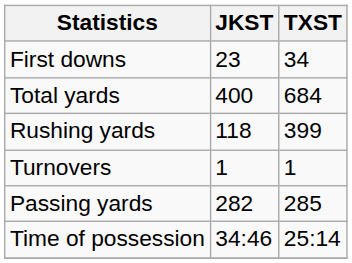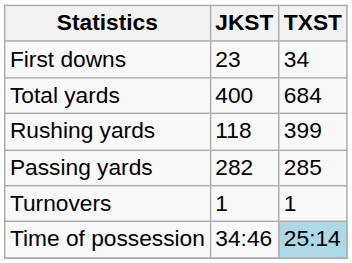 <table class="wikitable" style="float: left;">
 <tr>
 <th>Statistics</th>
 <th>JKST</th>
 <th>TXST</th>
 </tr>
 <tr>
 <td>First downs</td>
 <td>23</td>
 <td>34</td>
 </tr>
 <tr>
 <td>Total yards</td>
 <td>400</td>
 <td>684</td>
 </tr>
 <tr>
 <td>Rushing yards</td>
 <td>118</td>
 <td>399</td>
 </tr>
 <tr>
+<td>Passing yards</td>
+<td>282</td>
+<td>285</td>
+</tr>
+<tr>
 <td>Turnovers</td>
 <td>1</td>
 <td>1</td>
 </tr>
 <tr>
-<td>Passing yards</td>
-<td>282</td>
-<td>285</td>
-</tr>
-<tr>
 <td>Time of possession</td>
 <td>34:46</td>
-<td>25:14</td>
+<td style="background: lightblue;">25:14</td>
 </tr>
 <tr>
 </tr>
 </table>
